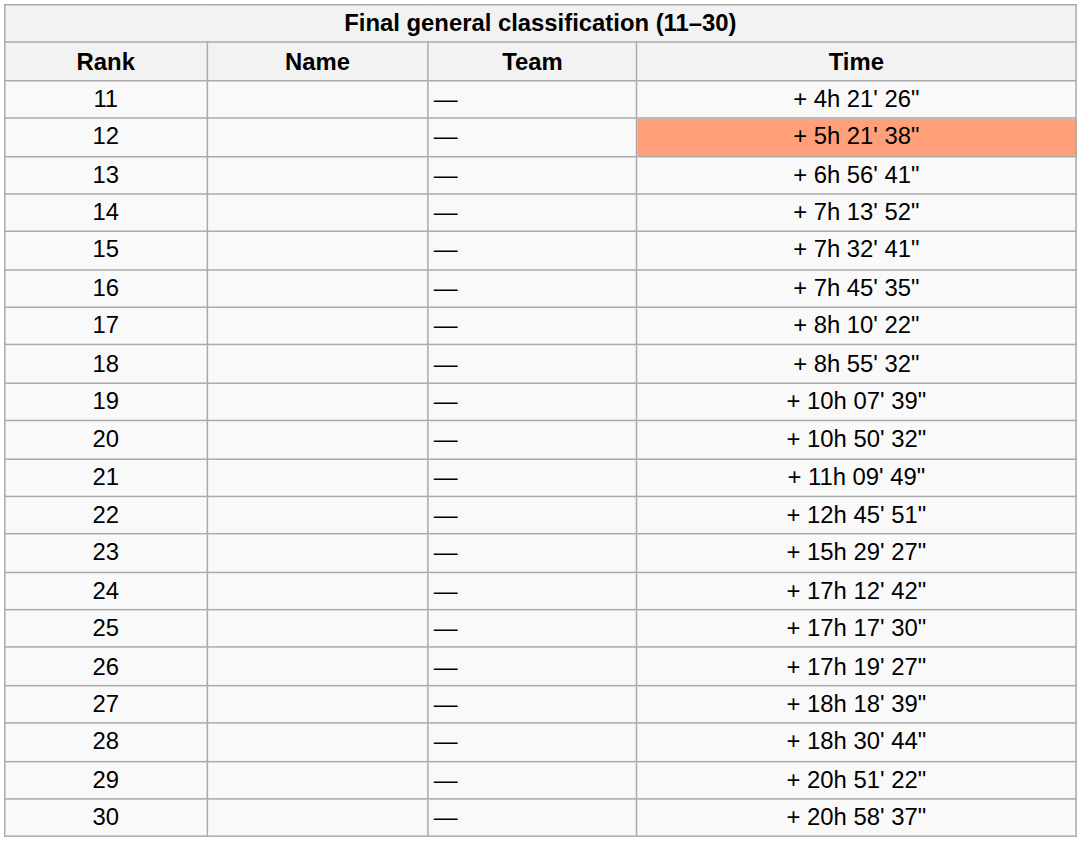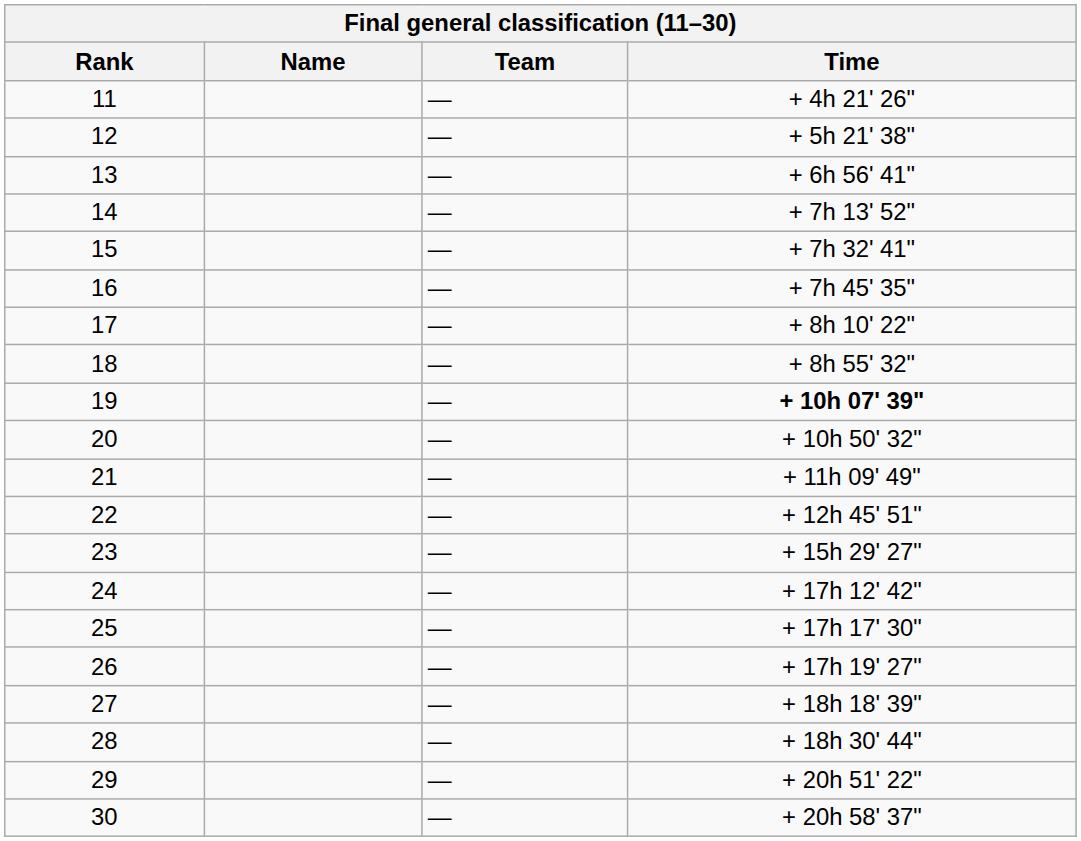 <table class="collapsible collapsed wikitable" style="width:45em;margin-top:0;">
 <tr>
 <th colspan=4>Final general classification (11–30)</th>
 </tr>
 <tr>
 <th>Rank</th>
 <th>Name</th>
 <th>Team</th>
 <th>Time</th>
 </tr>
 <tr>
 <td style="text-align:center;">11</td>
 <td></td>
 <td>—</td>
 <td align=center>+ 4h 21' 26"</td>
 </tr>
 <tr>
 <td style="text-align:center;">12</td>
 <td></td>
 <td>—</td>
-<td align=center style="background: lightsalmon;">+ 5h 21' 38"</td>
+<td align=center>+ 5h 21' 38"</td>
 </tr>
 <tr>
 <td style="text-align:center;">13</td>
 <td></td>
 <td>—</td>
 <td align=center>+ 6h 56' 41"</td>
 </tr>
 <tr>
 <td style="text-align:center;">14</td>
 <td></td>
 <td>—</td>
 <td align=center>+ 7h 13' 52"</td>
 </tr>
 <tr>
 <td style="text-align:center;">15</td>
 <td></td>
 <td>—</td>
 <td align=center>+ 7h 32' 41"</td>
 </tr>
 <tr>
 <td style="text-align:center;">16</td>
 <td></td>
 <td>—</td>
 <td align=center>+ 7h 45' 35"</td>
 </tr>
 <tr>
 <td style="text-align:center;">17</td>
 <td></td>
 <td>—</td>
 <td align=center>+ 8h 10' 22"</td>
 </tr>
 <tr>
 <td style="text-align:center;">18</td>
 <td></td>
 <td>—</td>
 <td align=center>+ 8h 55' 32"</td>
 </tr>
 <tr>
 <td style="text-align:center;">19</td>
 <td></td>
 <td>—</td>
-<td align=center>+ 10h 07' 39"</td>
+<td align=center><strong>+ 10h 07' 39"</strong></td>
 </tr>
 <tr>
 <td style="text-align:center;">20</td>
 <td></td>
 <td>—</td>
 <td align=center>+ 10h 50' 32"</td>
 </tr>
 <tr>
 <td style="text-align:center;">21</td>
 <td></td>
 <td>—</td>
 <td align=center>+ 11h 09' 49"</td>
 </tr>
 <tr>
 <td style="text-align:center;">22</td>
 <td></td>
 <td>—</td>
 <td align=center>+ 12h 45' 51"</td>
 </tr>
 <tr>
 <td style="text-align:center;">23</td>
 <td></td>
 <td>—</td>
 <td align=center>+ 15h 29' 27"</td>
 </tr>
 <tr>
 <td style="text-align:center;">24</td>
 <td></td>
 <td>—</td>
 <td align=center>+ 17h 12' 42"</td>
 </tr>
 <tr>
 <td style="text-align:center;">25</td>
 <td></td>
 <td>—</td>
 <td align=center>+ 17h 17' 30"</td>
 </tr>
 <tr>
 <td style="text-align:center;">26</td>
 <td></td>
 <td>—</td>
 <td align=center>+ 17h 19' 27"</td>
 </tr>
 <tr>
 <td style="text-align:center;">27</td>
 <td></td>
 <td>—</td>
 <td align=center>+ 18h 18' 39"</td>
 </tr>
 <tr>
 <td style="text-align:center;">28</td>
 <td></td>
 <td>—</td>
 <td align=center>+ 18h 30' 44"</td>
 </tr>
 <tr>
 <td style="text-align:center;">29</td>
 <td></td>
 <td>—</td>
 <td align=center>+ 20h 51' 22"</td>
 </tr>
 <tr>
 <td style="text-align:center;">30</td>
 <td></td>
 <td>—</td>
 <td align=center>+ 20h 58' 37"</td>
 </tr>
 </table>
